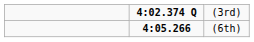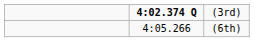 <table class="wikitable" style="text-align:center;">
 <tr>
 <td style="width:12em" align=left></td>
 <td style="width:7em;"><strong>4:02.374 Q</strong></td>
 <td style="width:4em;">(3rd)</td>
 </tr>
 <tr>
 <td align=left></td>
-<td><strong>4:05.266</strong></td>
+<td>4:05.266</td>
 <td>(6th)</td>
 </tr>
 </table>
